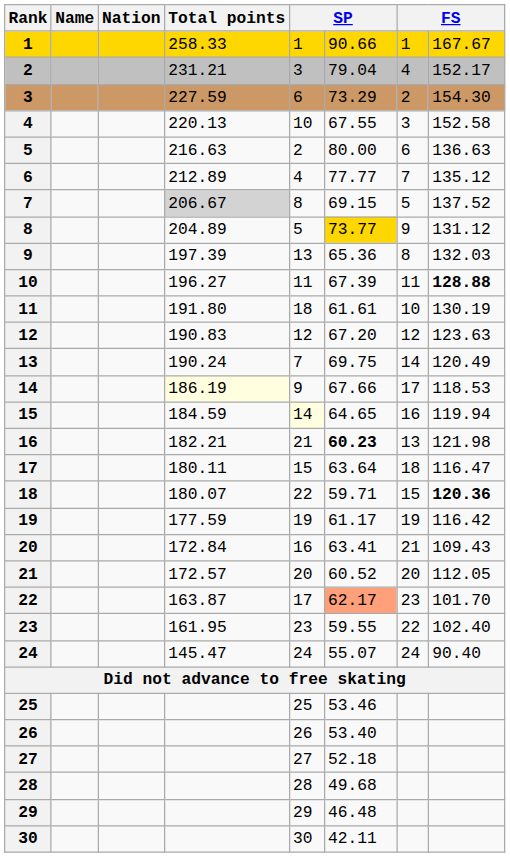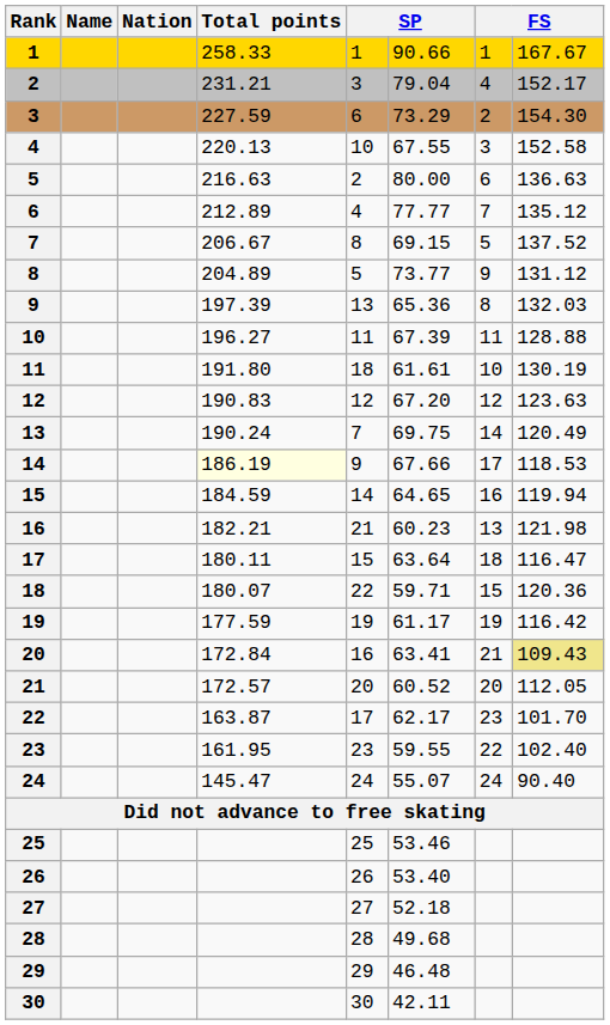 <table class="wikitable">
 <tr>
 <th>Rank</th>
 <th>Name</th>
 <th>Nation</th>
 <th>Total points</th>
 <th colspan="2" width="80px"><a href='#'>SP</a></th>
 <th colspan="2" width="80px"><a href='#'>FS</a></th>
 </tr>
 <tr bgcolor="gold">
 <td align="center"><strong>1</strong></td>
 <td></td>
 <td></td>
 <td>258.33</td>
 <td>1</td>
 <td>90.66</td>
 <td>1</td>
 <td>167.67</td>
 </tr>
 <tr bgcolor="silver">
 <td align="center"><strong>2</strong></td>
 <td></td>
 <td></td>
 <td>231.21</td>
 <td>3</td>
 <td>79.04</td>
 <td>4</td>
 <td>152.17</td>
 </tr>
 <tr bgcolor="cc9966">
 <td align="center"><strong>3</strong></td>
 <td></td>
 <td></td>
 <td>227.59</td>
 <td>6</td>
 <td>73.29</td>
 <td>2</td>
 <td>154.30</td>
 </tr>
 <tr>
 <th>4</th>
 <td></td>
 <td></td>
 <td>220.13</td>
 <td>10</td>
 <td>67.55</td>
 <td>3</td>
 <td>152.58</td>
 </tr>
 <tr>
 <th>5</th>
 <td></td>
 <td></td>
 <td>216.63</td>
 <td>2</td>
 <td>80.00</td>
 <td>6</td>
 <td>136.63</td>
 </tr>
 <tr>
 <th>6</th>
 <td></td>
 <td></td>
 <td>212.89</td>
 <td>4</td>
 <td>77.77</td>
 <td>7</td>
 <td>135.12</td>
 </tr>
 <tr>
 <th>7</th>
 <td></td>
 <td></td>
-<td style="background: lightgrey;">206.67</td>
+<td>206.67</td>
 <td>8</td>
 <td>69.15</td>
 <td>5</td>
 <td>137.52</td>
 </tr>
 <tr>
 <th>8</th>
 <td></td>
 <td></td>
 <td>204.89</td>
 <td>5</td>
-<td style="background: gold;">73.77</td>
+<td>73.77</td>
 <td>9</td>
 <td>131.12</td>
 </tr>
 <tr>
 <th>9</th>
 <td></td>
 <td></td>
 <td>197.39</td>
 <td>13</td>
 <td>65.36</td>
 <td>8</td>
 <td>132.03</td>
 </tr>
 <tr>
 <th>10</th>
 <td></td>
 <td></td>
 <td>196.27</td>
 <td>11</td>
 <td>67.39</td>
 <td>11</td>
-<td><strong>128.88</strong></td>
+<td>128.88</td>
 </tr>
 <tr>
 <th>11</th>
 <td></td>
 <td></td>
 <td>191.80</td>
 <td>18</td>
 <td>61.61</td>
 <td>10</td>
 <td>130.19</td>
 </tr>
 <tr>
 <th>12</th>
 <td></td>
 <td></td>
 <td>190.83</td>
 <td>12</td>
 <td>67.20</td>
 <td>12</td>
 <td>123.63</td>
 </tr>
 <tr>
 <th>13</th>
 <td></td>
 <td></td>
 <td>190.24</td>
 <td>7</td>
 <td>69.75</td>
 <td>14</td>
 <td>120.49</td>
 </tr>
 <tr>
 <th>14</th>
 <td></td>
 <td></td>
 <td style="background: lightyellow;">186.19</td>
 <td>9</td>
 <td>67.66</td>
 <td>17</td>
 <td>118.53</td>
 </tr>
 <tr>
 <th>15</th>
 <td></td>
 <td></td>
 <td>184.59</td>
-<td style="background: lightyellow;">14</td>
+<td>14</td>
 <td>64.65</td>
 <td>16</td>
 <td>119.94</td>
 </tr>
 <tr>
 <th>16</th>
 <td></td>
 <td></td>
 <td>182.21</td>
 <td>21</td>
-<td><strong>60.23</strong></td>
+<td>60.23</td>
 <td>13</td>
 <td>121.98</td>
 </tr>
 <tr>
 <th>17</th>
 <td></td>
 <td></td>
 <td>180.11</td>
 <td>15</td>
 <td>63.64</td>
 <td>18</td>
 <td>116.47</td>
 </tr>
 <tr>
 <th>18</th>
 <td></td>
 <td></td>
 <td>180.07</td>
 <td>22</td>
 <td>59.71</td>
 <td>15</td>
-<td><strong>120.36</strong></td>
+<td>120.36</td>
 </tr>
 <tr>
 <th>19</th>
 <td></td>
 <td></td>
 <td>177.59</td>
 <td>19</td>
 <td>61.17</td>
 <td>19</td>
 <td>116.42</td>
 </tr>
 <tr>
 <th>20</th>
 <td></td>
 <td></td>
 <td>172.84</td>
 <td>16</td>
 <td>63.41</td>
 <td>21</td>
-<td>109.43</td>
+<td style="background: khaki;">109.43</td>
 </tr>
 <tr>
 <th>21</th>
 <td></td>
 <td></td>
 <td>172.57</td>
 <td>20</td>
 <td>60.52</td>
 <td>20</td>
 <td>112.05</td>
 </tr>
 <tr>
 <th>22</th>
 <td></td>
 <td></td>
 <td>163.87</td>
 <td>17</td>
-<td style="background: lightsalmon;">62.17</td>
+<td>62.17</td>
 <td>23</td>
 <td>101.70</td>
 </tr>
 <tr>
 <th>23</th>
 <td></td>
 <td></td>
 <td>161.95</td>
 <td>23</td>
 <td>59.55</td>
 <td>22</td>
 <td>102.40</td>
 </tr>
 <tr>
 <th>24</th>
 <td></td>
 <td></td>
 <td>145.47</td>
 <td>24</td>
 <td>55.07</td>
 <td>24</td>
 <td>90.40</td>
 </tr>
 <tr>
 <th colspan=8>Did not advance to free skating</th>
 </tr>
 <tr>
 <th>25</th>
 <td></td>
 <td></td>
 <td></td>
 <td>25</td>
 <td>53.46</td>
 <td></td>
 <td></td>
 </tr>
 <tr>
 <th>26</th>
 <td></td>
 <td></td>
 <td></td>
 <td>26</td>
 <td>53.40</td>
 <td></td>
 <td></td>
 </tr>
 <tr>
 <th>27</th>
 <td></td>
 <td></td>
 <td></td>
 <td>27</td>
 <td>52.18</td>
 <td></td>
 <td></td>
 </tr>
 <tr>
 <th>28</th>
 <td></td>
 <td></td>
 <td></td>
 <td>28</td>
 <td>49.68</td>
 <td></td>
 <td></td>
 </tr>
 <tr>
 <th>29</th>
 <td></td>
 <td></td>
 <td></td>
 <td>29</td>
 <td>46.48</td>
 <td></td>
 <td></td>
 </tr>
 <tr>
 <th>30</th>
 <td></td>
 <td></td>
 <td></td>
 <td>30</td>
 <td>42.11</td>
 <td></td>
 <td></td>
 </tr>
 </table>
